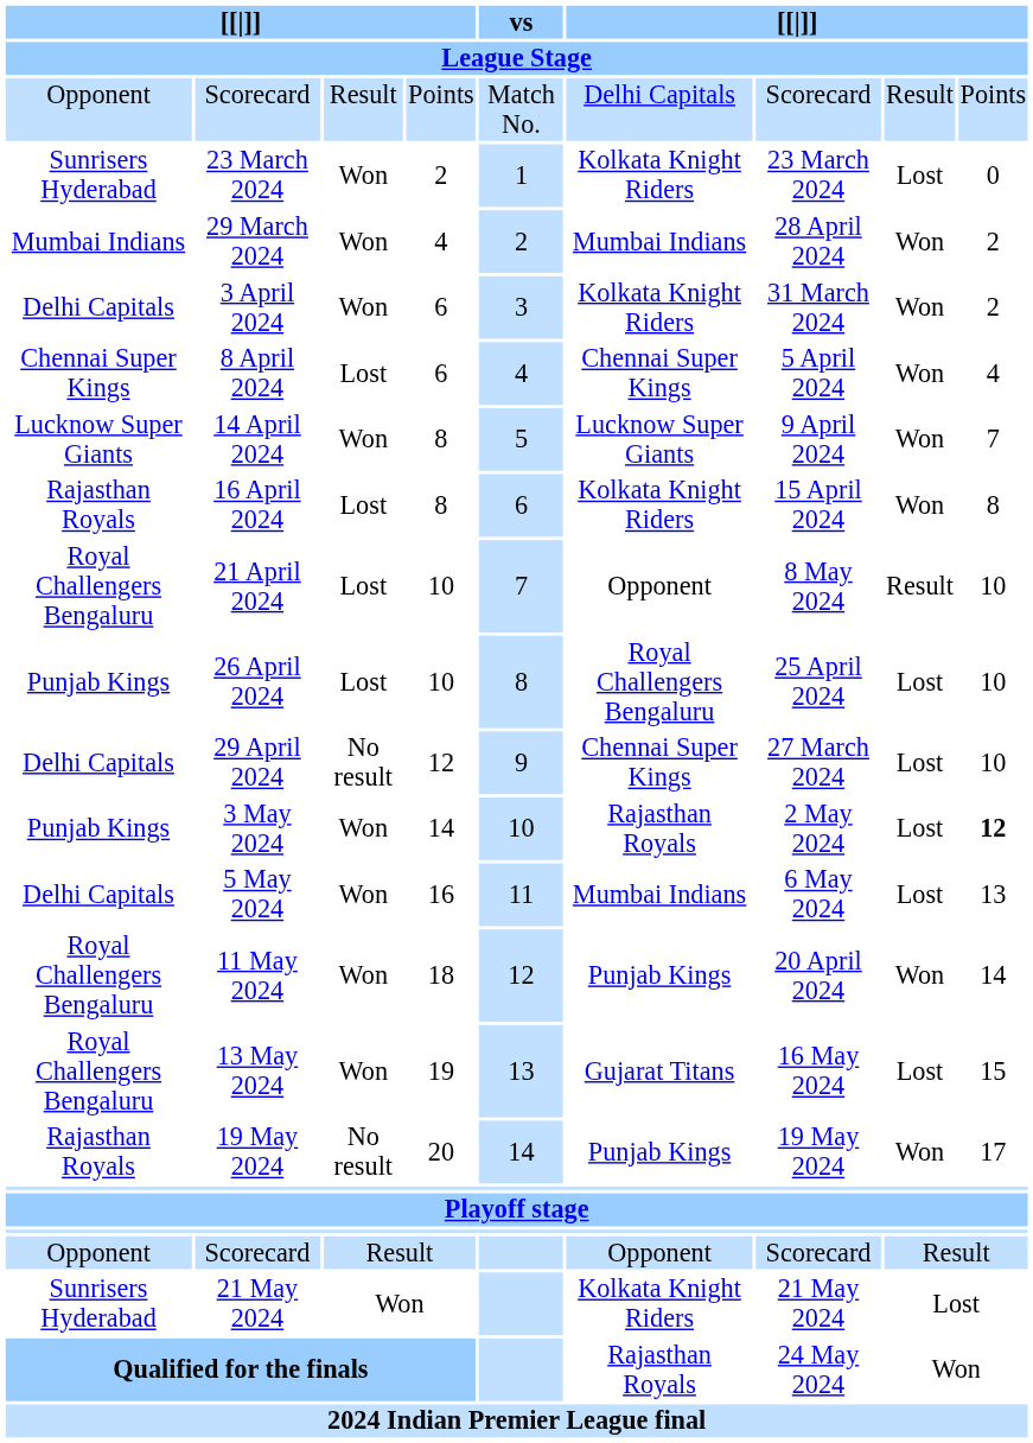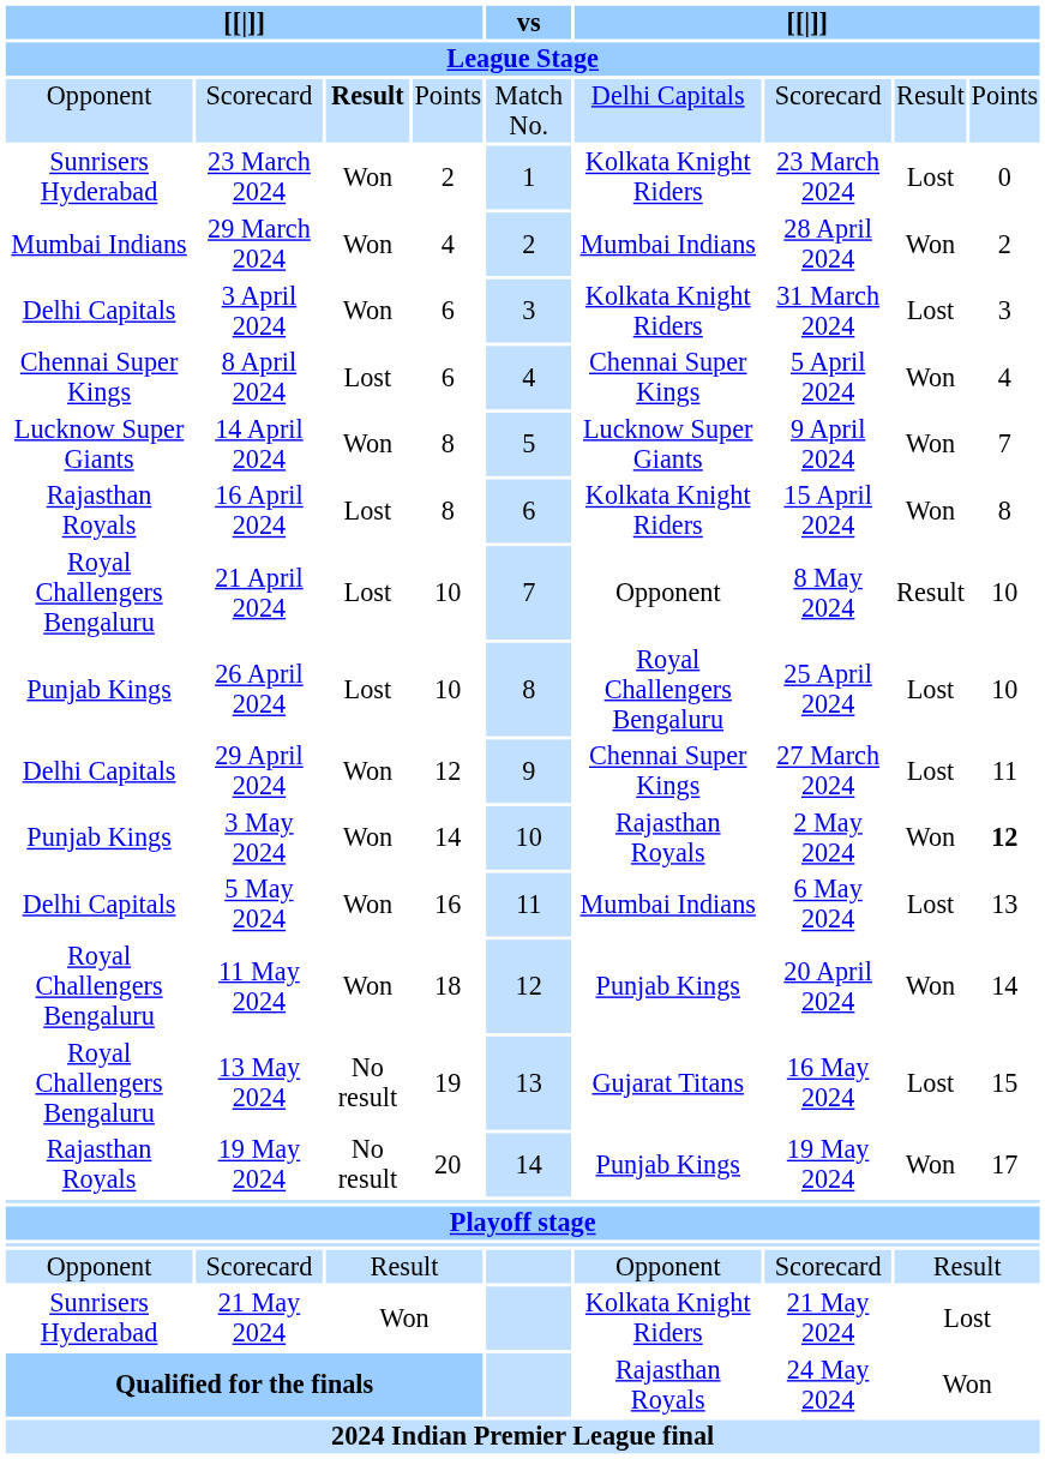 <table style="text-align:center;margin:auto;">
 <tr style="vertical-align:top;background:#99CCFF">
 <th colspan="4" style="background:#">[[|<span></span>]]</th>
 <th>vs</th>
 <th colspan="4" style="background:#">[[|<span></span>]]</th>
 </tr>
 <tr style="vertical-align:top;background:#99CCFF">
 <th colspan="9"><a href='#'>League Stage</a></th>
 </tr>
 <tr style="vertical-align:top;background:#C1E0FF">
 <td>Opponent</td>
 <td>Scorecard</td>
-<td>Result</td>
+<td><strong>Result</strong></td>
 <td>Points</td>
 <td>Match No.</td>
 <td style="text-align:center"><a href='#'>Delhi Capitals</a></td>
 <td>Scorecard</td>
 <td>Result</td>
 <td>Points</td>
 </tr>
 <tr>
 <td style="text-align:center;margin:auto;"><a href='#'>Sunrisers Hyderabad</a></td>
 <td><a href='#'>23 March 2024</a></td>
 <td>Won</td>
 <td>2</td>
 <td style="background:#C1E0FF">1</td>
 <td style="text-align:center"><a href='#'>Kolkata Knight Riders</a></td>
 <td><a href='#'>23 March 2024</a></td>
 <td>Lost</td>
 <td>0</td>
 </tr>
 <tr>
 <td style="text-align:center"><a href='#'>Mumbai Indians</a></td>
 <td><a href='#'>29 March 2024</a></td>
 <td>Won</td>
 <td>4</td>
 <td style="background:#C1E0FF">2</td>
 <td style="text-align:center"><a href='#'>Mumbai Indians</a></td>
 <td><a href='#'>28 April 2024</a></td>
 <td>Won</td>
 <td>2</td>
 </tr>
 <tr>
 <td style="text-align:center"><a href='#'>Delhi Capitals</a></td>
 <td><a href='#'>3 April 2024</a></td>
 <td>Won</td>
 <td>6</td>
 <td style="background:#C1E0FF">3</td>
 <td style="text-align:center"><a href='#'>Kolkata Knight Riders</a></td>
 <td><a href='#'>31 March 2024</a></td>
-<td>Won</td>
-<td>2</td>
+<td>Lost</td>
+<td>3</td>
 </tr>
 <tr>
 <td style="text-align:center"><a href='#'>Chennai Super Kings</a></td>
 <td><a href='#'>8 April 2024</a></td>
 <td>Lost</td>
 <td>6</td>
 <td style="background:#C1E0FF">4</td>
 <td style="text-align:center"><a href='#'>Chennai Super Kings</a></td>
 <td><a href='#'>5 April 2024</a></td>
 <td>Won</td>
 <td>4</td>
 </tr>
 <tr>
 <td style="text-align:center"><a href='#'>Lucknow Super Giants</a></td>
 <td><a href='#'>14 April 2024</a></td>
 <td>Won</td>
 <td>8</td>
 <td style="background:#C1E0FF">5</td>
 <td style="text-align:center"><a href='#'>Lucknow Super Giants</a></td>
 <td><a href='#'>9 April 2024</a></td>
 <td>Won</td>
 <td>7</td>
 </tr>
 <tr>
 <td style="text-align:center"><a href='#'>Rajasthan Royals</a></td>
 <td><a href='#'>16 April 2024</a></td>
 <td>Lost</td>
 <td>8</td>
 <td style="background:#C1E0FF">6</td>
 <td style="text-align:center"><a href='#'>Kolkata Knight Riders</a></td>
 <td><a href='#'>15 April 2024</a></td>
 <td>Won</td>
 <td>8</td>
 </tr>
 <tr>
 <td style="text-align:center"><a href='#'>Royal Challengers Bengaluru</a></td>
 <td><a href='#'>21 April 2024</a></td>
 <td>Lost</td>
 <td>10</td>
 <td style="background:#C1E0FF">7</td>
 <td>Opponent</td>
 <td><a href='#'>8 May 2024</a></td>
 <td>Result</td>
 <td>10</td>
 </tr>
 <tr>
 <td style="text-align:center"><a href='#'>Punjab Kings</a></td>
 <td><a href='#'>26 April 2024</a></td>
 <td>Lost</td>
 <td>10</td>
 <td style="background:#C1E0FF">8</td>
 <td style="text-align:center"><a href='#'>Royal Challengers Bengaluru</a></td>
 <td><a href='#'>25 April 2024</a></td>
 <td>Lost</td>
 <td>10</td>
 </tr>
 <tr>
 <td style="text-align:center"><a href='#'>Delhi Capitals</a></td>
 <td><a href='#'>29 April 2024</a></td>
-<td>No result</td>
+<td>Won</td>
 <td>12</td>
 <td style="background:#C1E0FF">9</td>
 <td style="text-align:center"><a href='#'>Chennai Super Kings</a></td>
 <td><a href='#'>27 March 2024</a></td>
 <td>Lost</td>
-<td>10</td>
+<td>11</td>
 </tr>
 <tr>
 <td style="text-align:center"><a href='#'>Punjab Kings</a></td>
 <td><a href='#'>3 May 2024</a></td>
 <td>Won</td>
 <td>14</td>
 <td style="background:#C1E0FF">10</td>
 <td style="text-align:center"><a href='#'>Rajasthan Royals</a></td>
 <td><a href='#'>2 May 2024</a></td>
-<td>Lost</td>
+<td>Won</td>
 <td><strong>12</strong></td>
 </tr>
 <tr>
 <td style="text-align:center"><a href='#'>Delhi Capitals</a></td>
 <td><a href='#'>5 May 2024</a></td>
 <td>Won</td>
 <td>16</td>
 <td style="background:#C1E0FF">11</td>
 <td style="text-align:center"><a href='#'>Mumbai Indians</a></td>
 <td><a href='#'>6 May 2024</a></td>
 <td>Lost</td>
 <td>13</td>
 </tr>
 <tr>
 <td style="text-align:center"><a href='#'>Royal Challengers Bengaluru</a></td>
 <td><a href='#'>11 May 2024</a></td>
 <td>Won</td>
 <td>18</td>
 <td style="background:#C1E0FF">12</td>
 <td style="text-align:center"><a href='#'>Punjab Kings</a></td>
 <td><a href='#'>20 April 2024</a></td>
 <td>Won</td>
 <td>14</td>
 </tr>
 <tr>
 <td style="text-align:center"><a href='#'>Royal Challengers Bengaluru</a></td>
 <td><a href='#'>13 May 2024</a></td>
-<td>Won</td>
+<td>No result</td>
 <td>19</td>
 <td style="background:#C1E0FF">13</td>
 <td style="text-align:center"><a href='#'>Gujarat Titans</a></td>
 <td><a href='#'>16 May 2024</a></td>
 <td>Lost</td>
 <td>15</td>
 </tr>
 <tr>
 <td style="text-align:center"><a href='#'>Rajasthan Royals</a></td>
 <td><a href='#'>19 May 2024</a></td>
 <td>No result</td>
 <td>20</td>
 <td style="background:#C1E0FF">14</td>
 <td style="text-align:center"><a href='#'>Punjab Kings</a></td>
 <td><a href='#'>19 May 2024</a></td>
 <td>Won</td>
 <td>17</td>
 </tr>
 <tr>
 <td colspan="9" style="text-align:left;background:#C1E0FF;"></td>
 </tr>
 <tr style="vertical-align:top;background:#99CCFF">
 <th colspan="9"><a href='#'>Playoff stage</a></th>
 </tr>
 <tr style="text-align:left;background:#C1E0FF">
 <td colspan="9"></td>
 </tr>
 <tr style="vertical-align:top;background:#C1E0FF">
 <td>Opponent</td>
 <td>Scorecard</td>
 <td colspan="2">Result</td>
 <td></td>
 <td>Opponent</td>
 <td>Scorecard</td>
 <td colspan="2">Result</td>
 </tr>
 <tr>
 <td style="text-align:center"><a href='#'>Sunrisers Hyderabad</a></td>
 <td><a href='#'>21 May 2024</a></td>
 <td colspan="2">Won</td>
 <td style="background:#C1E0FF"></td>
 <td style="text-align:center"><a href='#'>Kolkata Knight Riders</a></td>
 <td><a href='#'>21 May 2024</a></td>
 <td colspan="2">Lost</td>
 </tr>
 <tr>
 <th colspan="4" style="text-align:center;background:#99CCFF">Qualified for the finals</th>
 <td style="background:#C1E0FF"></td>
 <td style="text-align:center"><a href='#'>Rajasthan Royals</a></td>
 <td><a href='#'>24 May 2024</a></td>
 <td colspan="2">Won</td>
 </tr>
 <tr style="vertical-align:top;background:#C1E0FF">
 <th colspan="9"><strong>2024 Indian Premier League final</strong></th>
 </tr>
 </table>
